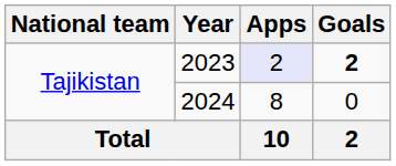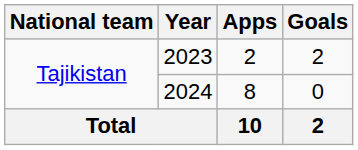 <table class="wikitable" style="text-align:center">
 <tr>
 <th>National team</th>
 <th>Year</th>
 <th>Apps</th>
 <th>Goals</th>
 </tr>
 <tr>
 <td rowspan="2"><a href='#'>Tajikistan</a></td>
 <td>2023</td>
-<td style="background: lavender;">2</td>
-<td><strong>2</strong></td>
+<td>2</td>
+<td>2</td>
 </tr>
 <tr>
 <td>2024</td>
 <td>8</td>
 <td>0</td>
 </tr>
 <tr>
 <th colspan="2">Total</th>
 <th>10</th>
 <th>2</th>
 </tr>
 </table>
